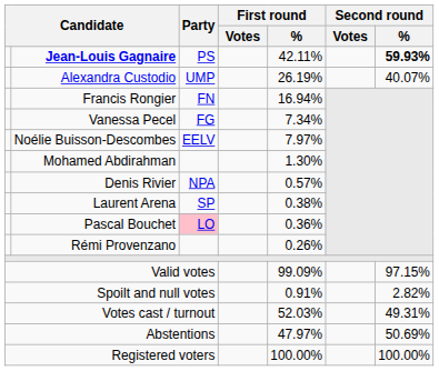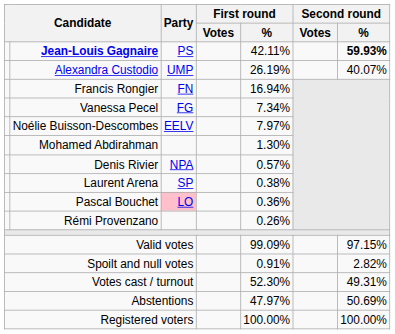 <table class="wikitable" style="text-align:right;font-size:95%;">
 <tr>
 <th rowspan=2 colspan=2>Candidate</th>
 <th rowspan=2 colspan=1>Party</th>
 <th colspan=2>First round</th>
 <th colspan=2>Second round</th>
 </tr>
 <tr>
 <th style="width:50px;">Votes</th>
 <th style="width:55px;">%</th>
 <th style="width:50px;">Votes</th>
 <th style="width:55px;">%</th>
 </tr>
 <tr>
 <td style="color:inherit;background-color:"></td>
 <td><strong><a href='#'>Jean-Louis Gagnaire</a></strong></td>
 <td><a href='#'>PS</a></td>
 <td></td>
 <td>42.11%</td>
 <td><strong></strong></td>
 <td><strong>59.93%</strong></td>
 </tr>
 <tr>
 <td style="color:inherit;background-color:"></td>
 <td><a href='#'>Alexandra Custodio</a></td>
 <td><a href='#'>UMP</a></td>
 <td></td>
 <td>26.19%</td>
 <td></td>
 <td>40.07%</td>
 </tr>
 <tr>
 <td style="color:inherit;background-color:"></td>
 <td>Francis Rongier</td>
 <td><a href='#'>FN</a></td>
 <td></td>
 <td>16.94%</td>
 <td colspan=7 rowspan=8 style="background-color:#E9E9E9;"></td>
 </tr>
 <tr>
 <td style="color:inherit;background-color:"></td>
 <td>Vanessa Pecel</td>
 <td><a href='#'>FG</a></td>
 <td></td>
 <td>7.34%</td>
 </tr>
 <tr>
 <td style="color:inherit;background-color:"></td>
 <td>Noélie Buisson-Descombes</td>
 <td><a href='#'>EELV</a></td>
 <td></td>
 <td>7.97%</td>
 </tr>
 <tr>
 <td style="background-color:;"></td>
 <td>Mohamed Abdirahman</td>
 <td></td>
 <td></td>
 <td>1.30%</td>
 </tr>
 <tr>
 <td style="color:inherit;background-color:"></td>
 <td>Denis Rivier</td>
 <td><a href='#'>NPA</a></td>
 <td></td>
 <td>0.57%</td>
 </tr>
 <tr>
 <td style="color:inherit;background-color:"></td>
 <td>Laurent Arena</td>
 <td><a href='#'>SP</a></td>
 <td></td>
 <td>0.38%</td>
 </tr>
 <tr>
 <td style="color:inherit;background-color:"></td>
 <td>Pascal Bouchet</td>
 <td style="background: pink;"><a href='#'>LO</a></td>
 <td></td>
 <td>0.36%</td>
 </tr>
 <tr>
 <td style="background-color:;"></td>
 <td>Rémi Provenzano</td>
 <td></td>
 <td></td>
 <td>0.26%</td>
 </tr>
 <tr>
 <td colspan=7 style="background-color:#E9E9E9;"></td>
 </tr>
 <tr>
 <td colspan=3>Valid votes</td>
 <td></td>
 <td>99.09%</td>
 <td></td>
 <td>97.15%</td>
 </tr>
 <tr>
 <td colspan=3>Spoilt and null votes</td>
 <td></td>
 <td>0.91%</td>
 <td></td>
 <td>2.82%</td>
 </tr>
 <tr>
 <td colspan=3>Votes cast / turnout</td>
 <td></td>
-<td>52.03%</td>
+<td>52.30%</td>
 <td></td>
 <td>49.31%</td>
 </tr>
 <tr>
 <td colspan=3>Abstentions</td>
 <td></td>
 <td>47.97%</td>
 <td></td>
 <td>50.69%</td>
 </tr>
 <tr>
 <td colspan=3>Registered voters</td>
 <td></td>
 <td>100.00%</td>
 <td></td>
 <td>100.00%</td>
 </tr>
 </table>
